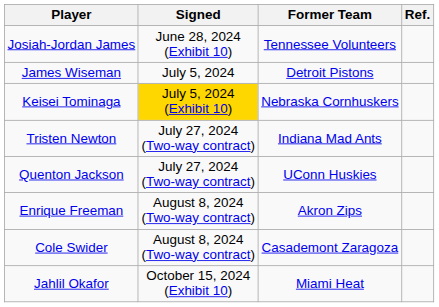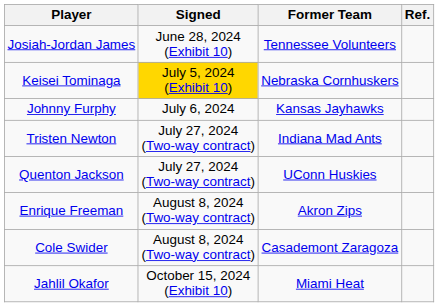 <table class="wikitable sortable sortable" style="text-align: center">
 <tr>
 <th>Player</th>
 <th>Signed</th>
 <th>Former Team</th>
 <th>Ref.</th>
 </tr>
 <tr>
 <td><a href='#'>Josiah-Jordan James</a></td>
 <td>June 28, 2024<br>(<a href='#'>Exhibit 10</a>)</td>
 <td><a href='#'>Tennessee Volunteers</a></td>
 <td></td>
 </tr>
 <tr>
-<td><a href='#'>James Wiseman</a></td>
-<td>July 5, 2024</td>
-<td><a href='#'>Detroit Pistons</a></td>
+<td><a href='#'>Keisei Tominaga</a></td>
+<td style="background: gold;">July 5, 2024<br>(<a href='#'>Exhibit 10</a>)</td>
+<td><a href='#'>Nebraska Cornhuskers</a></td>
 <td></td>
 </tr>
 <tr>
-<td><a href='#'>Keisei Tominaga</a></td>
-<td style="background: gold;">July 5, 2024<br>(<a href='#'>Exhibit 10</a>)</td>
-<td><a href='#'>Nebraska Cornhuskers</a></td>
+<td><a href='#'>Johnny Furphy</a></td>
+<td>July 6, 2024</td>
+<td><a href='#'>Kansas Jayhawks</a></td>
 <td></td>
 </tr>
 <tr>
 <td><a href='#'>Tristen Newton</a></td>
 <td>July 27, 2024<br>(<a href='#'>Two-way contract</a>)</td>
 <td><a href='#'>Indiana Mad Ants</a></td>
 <td></td>
 </tr>
 <tr>
 <td><a href='#'>Quenton Jackson</a></td>
 <td>July 27, 2024<br>(<a href='#'>Two-way contract</a>)</td>
 <td><a href='#'>UConn Huskies</a></td>
 <td></td>
 </tr>
 <tr>
 <td><a href='#'>Enrique Freeman</a></td>
 <td>August 8, 2024<br>(<a href='#'>Two-way contract</a>)</td>
 <td><a href='#'>Akron Zips</a></td>
 <td></td>
 </tr>
 <tr>
 <td><a href='#'>Cole Swider</a></td>
 <td>August 8, 2024<br>(<a href='#'>Two-way contract</a>)</td>
 <td><a href='#'>Casademont Zaragoza</a></td>
 <td></td>
 </tr>
 <tr>
 <td><a href='#'>Jahlil Okafor</a></td>
 <td>October 15, 2024<br>(<a href='#'>Exhibit 10</a>)</td>
 <td><a href='#'>Miami Heat</a></td>
 <td></td>
 </tr>
 </table>
